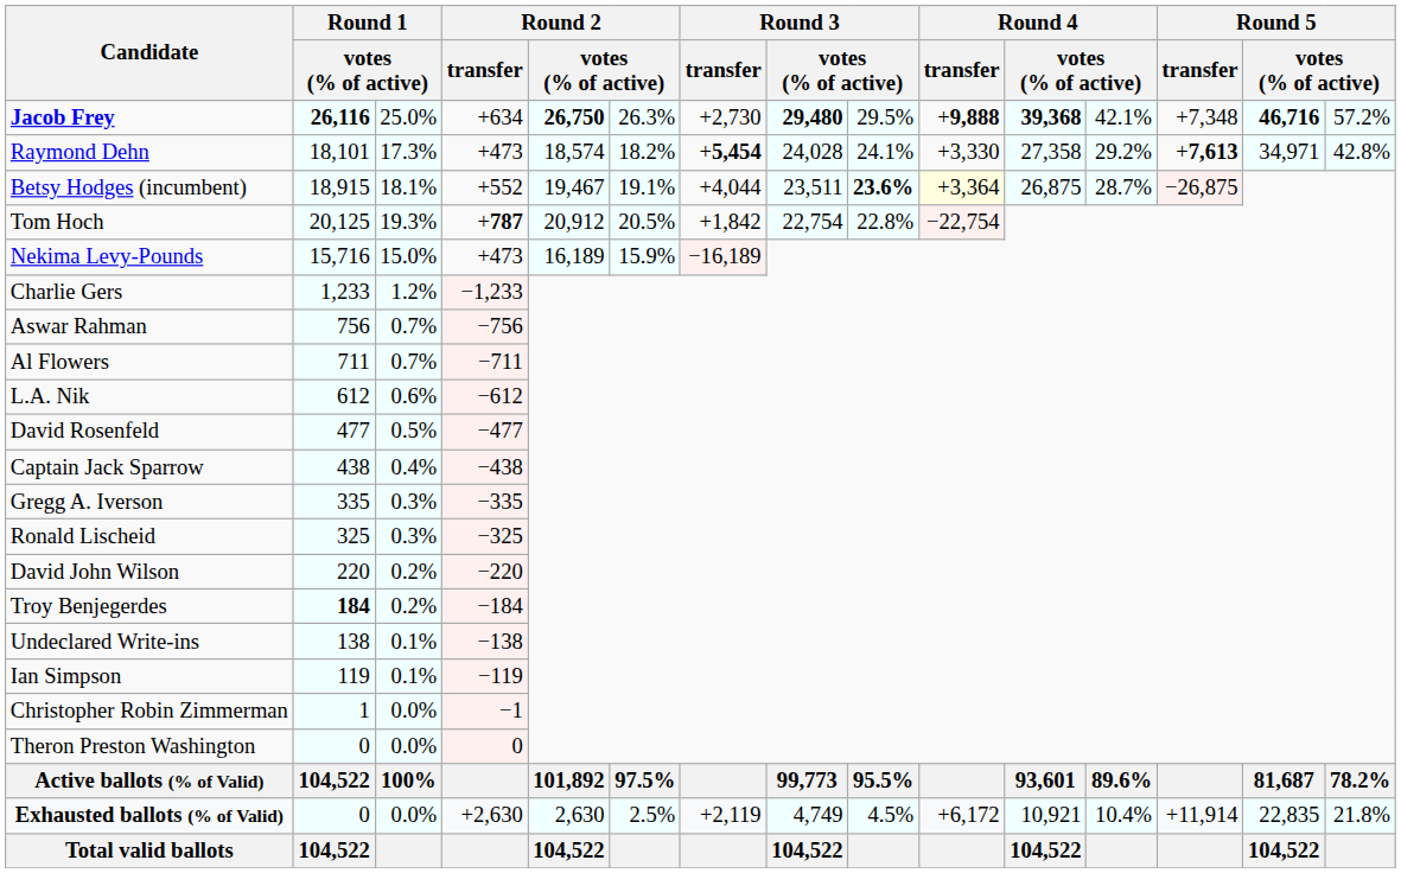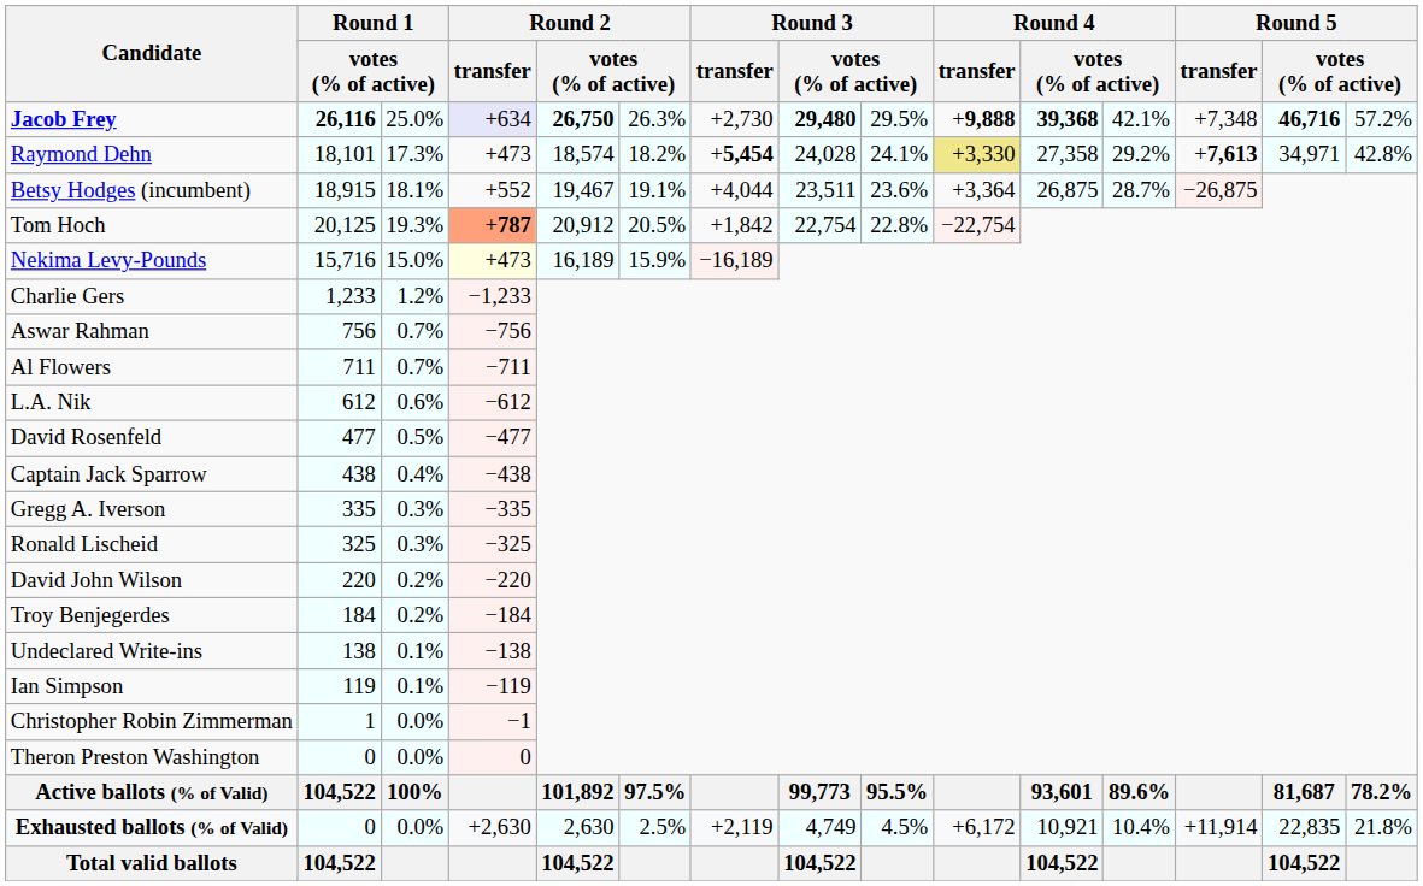 <table class="wikitable sortable" style="text-align: right;">
 <tr>
 <th rowspan="2">Candidate</th>
 <th colspan="2">Round 1</th>
 <th colspan="3">Round 2</th>
 <th colspan="3">Round 3</th>
 <th colspan="3">Round 4</th>
 <th colspan="3">Round 5</th>
 </tr>
 <tr>
 <th data-sort-type="number" colspan="2">votes<br>(% of active)</th>
 <th data-sort-type="number">transfer</th>
 <th data-sort-type="number" colspan="2">votes<br>(% of active)</th>
 <th data-sort-type="number">transfer</th>
 <th data-sort-type="number" colspan="2">votes<br>(% of active)</th>
 <th data-sort-type="number">transfer</th>
 <th data-sort-type="number" colspan="2">votes<br>(% of active)</th>
 <th data-sort-type="number">transfer</th>
 <th data-sort-type="number" colspan="2">votes<br>(% of active)</th>
 </tr>
 <tr>
 <td align="left"><strong><a href='#'>Jacob Frey</a></strong></td>
 <td BGCOLOR="#f0ffff"><strong>26,116</strong></td>
 <td BGCOLOR="#f0ffff">25.0%</td>
-<td>+634</td>
+<td style="background: lavender;">+634</td>
 <td BGCOLOR="#f0ffff"><strong>26,750</strong></td>
 <td BGCOLOR="#f0ffff">26.3%</td>
 <td>+2,730</td>
 <td BGCOLOR="#f0ffff"><strong>29,480</strong></td>
 <td BGCOLOR="#f0ffff">29.5%</td>
 <td>+<strong>9,888</strong></td>
 <td BGCOLOR="#f0ffff"><strong>39,368</strong></td>
 <td BGCOLOR="#f0ffff">42.1%</td>
 <td>+7,348</td>
 <td BGCOLOR="#f0ffff"><strong>46,716</strong></td>
 <td BGCOLOR="#f0ffff">57.2%</td>
 </tr>
 <tr>
 <td align="left"><a href='#'>Raymond Dehn</a></td>
 <td BGCOLOR="#f0ffff">18,101</td>
 <td BGCOLOR="#f0ffff">17.3%</td>
 <td>+473</td>
 <td BGCOLOR="#f0ffff">18,574</td>
 <td BGCOLOR="#f0ffff">18.2%</td>
 <td>+<strong>5,454</strong></td>
 <td BGCOLOR="#f0ffff">24,028</td>
 <td BGCOLOR="#f0ffff">24.1%</td>
-<td>+3,330</td>
+<td style="background: khaki;">+3,330</td>
 <td BGCOLOR="#f0ffff">27,358</td>
 <td BGCOLOR="#f0ffff">29.2%</td>
 <td>+<strong>7,613</strong></td>
 <td BGCOLOR="#f0ffff">34,971</td>
 <td BGCOLOR="#f0ffff">42.8%</td>
 </tr>
 <tr>
 <td align="left"><a href='#'>Betsy Hodges</a> (incumbent)</td>
 <td BGCOLOR="#f0ffff">18,915</td>
 <td BGCOLOR="#f0ffff">18.1%</td>
 <td>+552</td>
 <td BGCOLOR="#f0ffff">19,467</td>
 <td BGCOLOR="#f0ffff">19.1%</td>
 <td>+4,044</td>
 <td BGCOLOR="#f0ffff">23,511</td>
-<td BGCOLOR="#f0ffff"><strong>23.6%</strong></td>
-<td style="background: lightyellow;">+3,364</td>
+<td BGCOLOR="#f0ffff">23.6%</td>
+<td>+3,364</td>
 <td BGCOLOR="#f0ffff">26,875</td>
 <td BGCOLOR="#f0ffff">28.7%</td>
 <td BGCOLOR="#fff0f0">−26,875</td>
 </tr>
 <tr>
 <td align="left">Tom Hoch</td>
 <td BGCOLOR="#f0ffff">20,125</td>
 <td BGCOLOR="#f0ffff">19.3%</td>
-<td>+<strong>787</strong></td>
+<td style="background: lightsalmon;">+<strong>787</strong></td>
 <td BGCOLOR="#f0ffff">20,912</td>
 <td BGCOLOR="#f0ffff">20.5%</td>
 <td>+1,842</td>
 <td BGCOLOR="#f0ffff">22,754</td>
 <td BGCOLOR="#f0ffff">22.8%</td>
 <td BGCOLOR="#fff0f0">−22,754</td>
 </tr>
 <tr>
 <td align="left"><a href='#'>Nekima Levy-Pounds</a></td>
 <td BGCOLOR="#f0ffff">15,716</td>
 <td BGCOLOR="#f0ffff">15.0%</td>
-<td>+473</td>
+<td style="background: lightyellow;">+473</td>
 <td BGCOLOR="#f0ffff">16,189</td>
 <td BGCOLOR="#f0ffff">15.9%</td>
 <td BGCOLOR="#fff0f0">−16,189</td>
 </tr>
 <tr>
 <td align="left">Charlie Gers</td>
 <td BGCOLOR="#f0ffff">1,233</td>
 <td BGCOLOR="#f0ffff">1.2%</td>
 <td BGCOLOR="#fff0f0">−1,233</td>
 </tr>
 <tr>
 <td align="left">Aswar Rahman</td>
 <td BGCOLOR="#f0ffff">756</td>
 <td BGCOLOR="#f0ffff">0.7%</td>
 <td BGCOLOR="#fff0f0">−756</td>
 </tr>
 <tr>
 <td align="left">Al Flowers</td>
 <td BGCOLOR="#f0ffff">711</td>
 <td BGCOLOR="#f0ffff">0.7%</td>
 <td BGCOLOR="#fff0f0">−711</td>
 </tr>
 <tr>
 <td align="left">L.A. Nik</td>
 <td BGCOLOR="#f0ffff">612</td>
 <td BGCOLOR="#f0ffff">0.6%</td>
 <td BGCOLOR="#fff0f0">−612</td>
 </tr>
 <tr>
 <td align="left">David Rosenfeld</td>
 <td BGCOLOR="#f0ffff">477</td>
 <td BGCOLOR="#f0ffff">0.5%</td>
 <td BGCOLOR="#fff0f0">−477</td>
 </tr>
 <tr>
 <td align="left">Captain Jack Sparrow</td>
 <td BGCOLOR="#f0ffff">438</td>
 <td BGCOLOR="#f0ffff">0.4%</td>
 <td BGCOLOR="#fff0f0">−438</td>
 </tr>
 <tr>
 <td align="left">Gregg A. Iverson</td>
 <td BGCOLOR="#f0ffff">335</td>
 <td BGCOLOR="#f0ffff">0.3%</td>
 <td BGCOLOR="#fff0f0">−335</td>
 </tr>
 <tr>
 <td align="left">Ronald Lischeid</td>
 <td BGCOLOR="#f0ffff">325</td>
 <td BGCOLOR="#f0ffff">0.3%</td>
 <td BGCOLOR="#fff0f0">−325</td>
 </tr>
 <tr>
 <td align="left">David John Wilson</td>
 <td BGCOLOR="#f0ffff">220</td>
 <td BGCOLOR="#f0ffff">0.2%</td>
 <td BGCOLOR="#fff0f0">−220</td>
 </tr>
 <tr>
 <td align="left">Troy Benjegerdes</td>
-<td BGCOLOR="#f0ffff"><strong>184</strong></td>
+<td BGCOLOR="#f0ffff">184</td>
 <td BGCOLOR="#f0ffff">0.2%</td>
 <td BGCOLOR="#fff0f0">−184</td>
 </tr>
 <tr>
 <td align="left">Undeclared Write-ins</td>
 <td BGCOLOR="#f0ffff">138</td>
 <td BGCOLOR="#f0ffff">0.1%</td>
 <td BGCOLOR="#fff0f0">−138</td>
 </tr>
 <tr>
 <td align="left">Ian Simpson</td>
 <td BGCOLOR="#f0ffff">119</td>
 <td BGCOLOR="#f0ffff">0.1%</td>
 <td BGCOLOR="#fff0f0">−119</td>
 </tr>
 <tr>
 <td align="left">Christopher Robin Zimmerman</td>
 <td BGCOLOR="#f0ffff">1</td>
 <td BGCOLOR="#f0ffff">0.0%</td>
 <td BGCOLOR="#fff0f0">−1</td>
 </tr>
 <tr>
 <td align="left">Theron Preston Washington</td>
 <td BGCOLOR="#f0ffff">0</td>
 <td BGCOLOR="#f0ffff">0.0%</td>
 <td BGCOLOR="#fff0f0">0</td>
 </tr>
 <tr>
 <th>Active ballots <small>(% of Valid)</small></th>
 <th BGCOLOR="#f0ffff">104,522</th>
 <th BGCOLOR="#f0ffff">100%</th>
 <th></th>
 <th BGCOLOR="#f0ffff">101,892</th>
 <th BGCOLOR="#f0ffff">97.5%</th>
 <th></th>
 <th BGCOLOR="#f0ffff">99,773</th>
 <th BGCOLOR="#f0ffff">95.5%</th>
 <th></th>
 <th BGCOLOR="#f0ffff">93,601</th>
 <th BGCOLOR="#f0ffff">89.6%</th>
 <th></th>
 <th BGCOLOR="#f0ffff">81,687</th>
 <th BGCOLOR="#f0ffff">78.2%</th>
 </tr>
 <tr>
 <th style="background: #f8f9fa">Exhausted ballots <small>(% of Valid)</small></th>
 <th style="background: #f0ffff; font-weight: normal; text-align: right;">0</th>
 <th style="background: #f0ffff; font-weight: normal; text-align: right;">0.0%</th>
 <th style="background: #f8f9fa; font-weight: normal; text-align: right;">+2,630</th>
 <th style="background: #f0ffff; font-weight: normal; text-align: right;">2,630</th>
 <th style="background: #f0ffff; font-weight: normal; text-align: right;">2.5%</th>
 <th style="background: #f8f9fa; font-weight: normal; text-align: right;">+2,119</th>
 <th style="background: #f0ffff; font-weight: normal; text-align: right;">4,749</th>
 <th style="background: #f0ffff; font-weight: normal; text-align: right;">4.5%</th>
 <th style="background: #f8f9fa; font-weight: normal; text-align: right;">+6,172</th>
 <th style="background: #f0ffff; font-weight: normal; text-align: right;">10,921</th>
 <th style="background: #f0ffff; font-weight: normal; text-align: right;">10.4%</th>
 <th style="background: #f8f9fa; font-weight: normal; text-align: right;">+11,914</th>
 <th style="background: #f0ffff; font-weight: normal; text-align: right;">22,835</th>
 <th style="background: #f0ffff; font-weight: normal; text-align: right;">21.8%</th>
 </tr>
 <tr>
 <th>Total valid ballots</th>
 <th BGCOLOR="#f0ffff">104,522</th>
 <th></th>
 <th></th>
 <th BGCOLOR="#f0ffff">104,522</th>
 <th></th>
 <th></th>
 <th BGCOLOR="#f0ffff">104,522</th>
 <th></th>
 <th></th>
 <th BGCOLOR="#f0ffff">104,522</th>
 <th></th>
 <th></th>
 <th BGCOLOR="#f0ffff">104,522</th>
 <th></th>
 </tr>
 </table>
